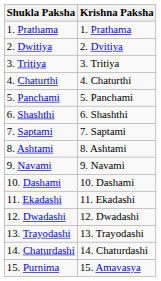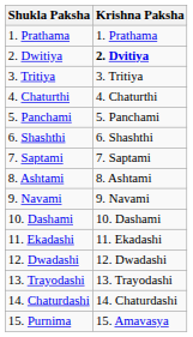 <table class="wikitable">
 <tr>
 <th>Shukla Paksha</th>
 <th>Krishna Paksha</th>
 </tr>
 <tr>
 <td>1. <a href='#'>Prathama</a></td>
 <td>1. <a href='#'>Prathama</a></td>
 </tr>
 <tr>
 <td>2. <a href='#'>Dwitiya</a></td>
-<td>2. <a href='#'>Dvitiya</a></td>
+<td><strong>2. <a href='#'>Dvitiya</a></strong></td>
 </tr>
 <tr>
 <td>3. <a href='#'>Tritiya</a></td>
 <td>3. Tritiya</td>
 </tr>
 <tr>
 <td>4. <a href='#'>Chaturthi</a></td>
 <td>4. Chaturthi</td>
 </tr>
 <tr>
 <td>5. <a href='#'>Panchami</a></td>
 <td>5. Panchami</td>
 </tr>
 <tr>
 <td>6. <a href='#'>Shashthi</a></td>
 <td>6. Shashthi</td>
 </tr>
 <tr>
 <td>7. <a href='#'>Saptami</a></td>
 <td>7. Saptami</td>
 </tr>
 <tr>
 <td>8. <a href='#'>Ashtami</a></td>
 <td>8. Ashtami</td>
 </tr>
 <tr>
 <td>9. <a href='#'>Navami</a></td>
 <td>9. Navami</td>
 </tr>
 <tr>
 <td>10. <a href='#'>Dashami</a></td>
 <td>10. Dashami</td>
 </tr>
 <tr>
 <td>11. <a href='#'>Ekadashi</a></td>
 <td>11. Ekadashi</td>
 </tr>
 <tr>
 <td>12. <a href='#'>Dwadashi</a></td>
 <td>12. Dwadashi</td>
 </tr>
 <tr>
 <td>13. <a href='#'>Trayodashi</a></td>
 <td>13. Trayodashi</td>
 </tr>
 <tr>
 <td>14. <a href='#'>Chaturdashi</a></td>
 <td>14. Chaturdashi</td>
 </tr>
 <tr>
 <td>15. <a href='#'>Purnima</a></td>
 <td>15. <a href='#'>Amavasya</a></td>
 </tr>
 </table>
